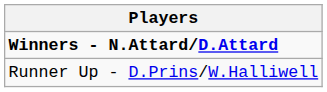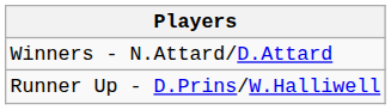 <table class="wikitable">
 <tr>
 <th>Players</th>
 </tr>
 <tr>
-<td><strong> Winners - N.Attard/<a href='#'>D.Attard</a></strong></td>
+<td> Winners - N.Attard/<a href='#'>D.Attard</a></td>
 </tr>
 <tr>
 <td> Runner Up - <a href='#'>D.Prins</a>/<a href='#'>W.Halliwell</a></td>
 </tr>
 </table>
